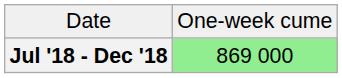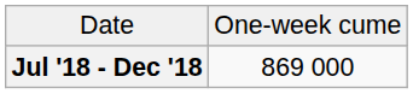 <table class="wikitable sortable" style="text-align:center;">
 <tr>
 <td align="center" style="background:#f0f0f0;">Date</td>
 <td align="center" style="background:#f0f0f0;">One-week cume</td>
 </tr>
 <tr>
 <th scope="row">Jul '18 - Dec '18</th>
-<td style="background: lightgreen;">869 000</td>
+<td>869 000</td>
 </tr>
 </table>
